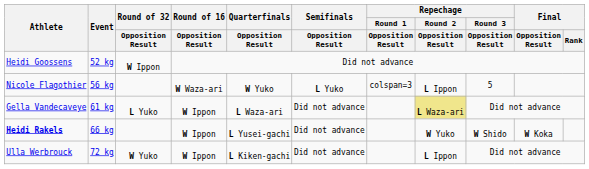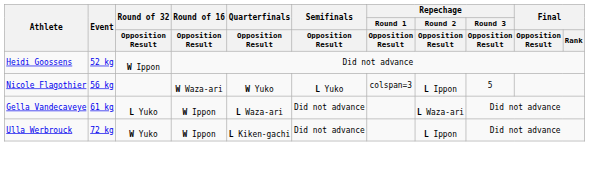 <table class="wikitable" style="font-size:90%">
 <tr>
 <th rowspan="3">Athlete</th>
 <th rowspan="3">Event</th>
 <th rowspan="2">Round of 32</th>
 <th rowspan="2">Round of 16</th>
 <th rowspan="2">Quarterfinals</th>
 <th rowspan="2">Semifinals</th>
 <th colspan=3>Repechage</th>
 <th rowspan="2" colspan=2>Final</th>
 </tr>
 <tr style="font-size:95%">
 <th>Round 1</th>
 <th>Round 2</th>
 <th>Round 3</th>
 </tr>
 <tr style="font-size:95%">
 <th>Opposition<br>Result</th>
 <th>Opposition<br>Result</th>
 <th>Opposition<br>Result</th>
 <th>Opposition<br>Result</th>
 <th>Opposition<br>Result</th>
 <th>Opposition<br>Result</th>
 <th>Opposition<br>Result</th>
 <th>Opposition<br>Result</th>
 <th>Rank</th>
 </tr>
 <tr align=center>
 <td align=left><a href='#'>Heidi Goossens</a></td>
 <td align=left><a href='#'>52 kg</a></td>
 <td><br><strong>W</strong> Ippon</td>
 <td colspan=8>Did not advance</td>
 </tr>
 <tr align=center>
 <td align=left><a href='#'>Nicole Flagothier</a></td>
 <td align=left><a href='#'>56 kg</a></td>
 <td></td>
 <td><br><strong>W</strong> Waza-ari</td>
 <td><br><strong>W</strong> Yuko</td>
 <td><br><strong>L</strong> Yuko</td>
 <td>colspan=3</td>
 <td><br><strong>L</strong> Ippon</td>
 <td>5</td>
 </tr>
 <tr align=center>
 <td align=left><a href='#'>Gella Vandecaveye</a></td>
 <td align=left><a href='#'>61 kg</a></td>
 <td><br><strong>L</strong> Yuko</td>
 <td><br><strong>W</strong> Ippon</td>
 <td><br><strong>L</strong> Waza-ari</td>
 <td>Did not advance</td>
 <td></td>
-<td style="background: khaki;"><br><strong>L</strong> Waza-ari</td>
+<td><br><strong>L</strong> Waza-ari</td>
 <td colspan=3>Did not advance</td>
-</tr>
-<tr align=center>
-<td align=left><strong><a href='#'>Heidi Rakels</a></strong></td>
-<td align=left><a href='#'>66 kg</a></td>
-<td></td>
-<td><br><strong>W</strong> Ippon</td>
-<td><br><strong>L</strong> Yusei-gachi</td>
-<td>Did not advance</td>
-<td></td>
-<td><br><strong>W</strong> Yuko</td>
-<td><br><strong>W</strong> Shido</td>
-<td><br><strong>W</strong> Koka</td>
-<td></td>
 </tr>
 <tr align=center>
 <td align=left><a href='#'>Ulla Werbrouck</a></td>
 <td align=left><a href='#'>72 kg</a></td>
 <td><br><strong>W</strong> Yuko</td>
 <td><br><strong>W</strong> Ippon</td>
 <td><br><strong>L</strong> Kiken-gachi</td>
 <td>Did not advance</td>
 <td></td>
 <td><br><strong>L</strong> Ippon</td>
 <td colspan=3>Did not advance</td>
 </tr>
 </table>
